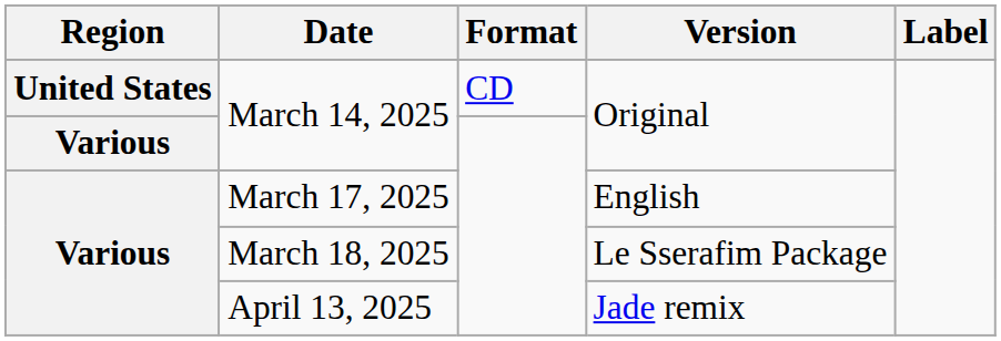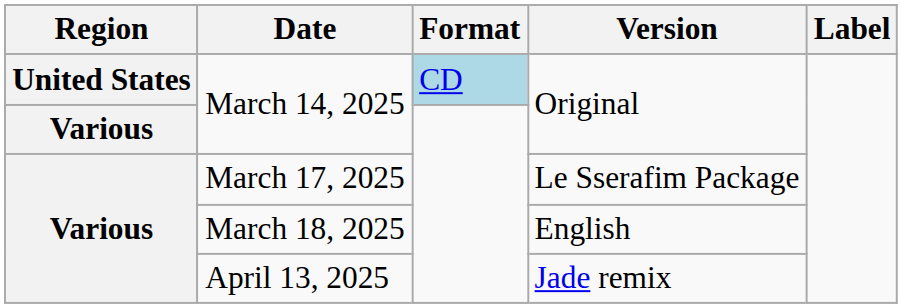 <table class="wikitable plainrowheaders">
 <tr>
 <th scope="col">Region</th>
 <th scope="col">Date</th>
 <th scope="col">Format</th>
 <th scope="col">Version</th>
 <th scope="col">Label</th>
 </tr>
 <tr>
 <th scope="row">United States</th>
 <td rowspan="2">March 14, 2025</td>
-<td><a href='#'>CD</a></td>
+<td style="background: lightblue;"><a href='#'>CD</a></td>
 <td rowspan="2">Original</td>
 <td rowspan="5"></td>
 </tr>
 <tr>
 <th scope="row">Various </th>
 <td rowspan="4"></td>
 </tr>
 <tr>
 <th scope="row" rowspan="3">Various </th>
 <td>March 17, 2025</td>
-<td>English</td>
+<td>Le Sserafim Package</td>
 </tr>
 <tr>
 <td>March 18, 2025</td>
-<td>Le Sserafim Package</td>
+<td>English</td>
 </tr>
 <tr>
 <td>April 13, 2025</td>
 <td><a href='#'>Jade</a> remix</td>
 </tr>
 </table>
